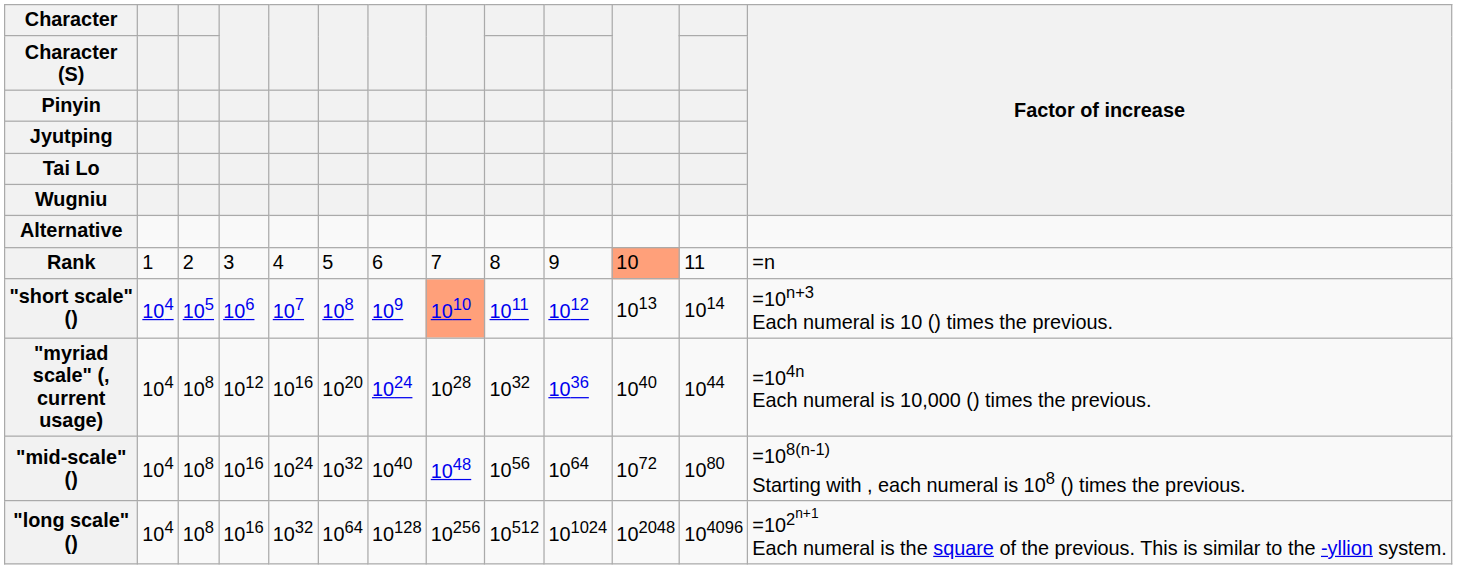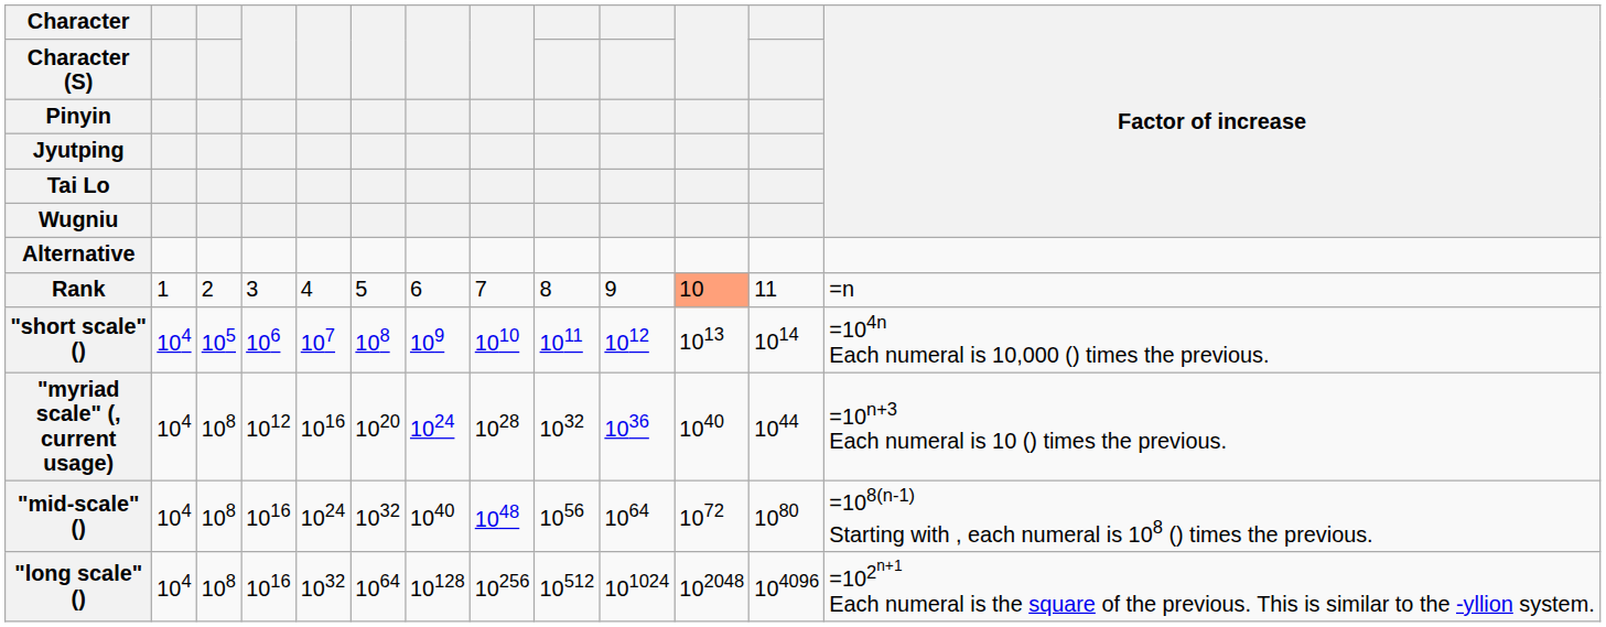 <table class="wikitable">
 <tr>
 <th width="100">Character</th>
 <th></th>
 <th></th>
 <th rowspan="2"></th>
 <th rowspan="2"></th>
 <th rowspan="2"></th>
 <th rowspan="2"></th>
 <th rowspan="2"></th>
 <th></th>
 <th></th>
 <th rowspan="2"></th>
 <th></th>
 <th rowspan="6" style="text-align:center">Factor of increase</th>
 </tr>
 <tr>
 <th>Character (S)</th>
 <th></th>
 <th></th>
 <th></th>
 <th></th>
 <th></th>
 </tr>
 <tr>
 <th>Pinyin</th>
 <th></th>
 <th></th>
 <th></th>
 <th></th>
 <th></th>
 <th></th>
 <th></th>
 <th></th>
 <th></th>
 <th></th>
 <th></th>
 </tr>
 <tr>
 <th>Jyutping</th>
 <th></th>
 <th></th>
 <th></th>
 <th></th>
 <th></th>
 <th></th>
 <th></th>
 <th></th>
 <th></th>
 <th></th>
 <th></th>
 </tr>
 <tr>
 <th>Tai Lo</th>
 <th></th>
 <th></th>
 <th></th>
 <th></th>
 <th></th>
 <th></th>
 <th></th>
 <th></th>
 <th></th>
 <th></th>
 <th></th>
 </tr>
 <tr>
 <th>Wugniu</th>
 <th></th>
 <th></th>
 <th></th>
 <th></th>
 <th></th>
 <th></th>
 <th></th>
 <th></th>
 <th></th>
 <th></th>
 <th></th>
 </tr>
 <tr>
 <th>Alternative</th>
 <td></td>
 <td></td>
 <td></td>
 <td></td>
 <td></td>
 <td></td>
 <td></td>
 <td></td>
 <td></td>
 <td></td>
 <td></td>
 <td></td>
 </tr>
 <tr>
 <th>Rank</th>
 <td>1</td>
 <td>2</td>
 <td>3</td>
 <td>4</td>
 <td>5</td>
 <td>6</td>
 <td>7</td>
 <td>8</td>
 <td>9</td>
 <td style="background: lightsalmon;">10</td>
 <td>11</td>
 <td>=n</td>
 </tr>
 <tr>
 <th>"short scale" ()</th>
 <td><a href='#'>10<sup>4</sup></a></td>
 <td><a href='#'>10<sup>5</sup></a></td>
 <td><a href='#'>10<sup>6</sup></a></td>
 <td><a href='#'>10<sup>7</sup></a></td>
 <td><a href='#'>10<sup>8</sup></a></td>
 <td><a href='#'>10<sup>9</sup></a></td>
-<td style="background: lightsalmon;"><a href='#'>10<sup>10</sup></a></td>
+<td><a href='#'>10<sup>10</sup></a></td>
 <td><a href='#'>10<sup>11</sup></a></td>
 <td><a href='#'>10<sup>12</sup></a></td>
 <td>10<sup>13</sup></td>
 <td>10<sup>14</sup></td>
-<td>=10<sup>n+3</sup><br>Each numeral is 10 () times the previous.</td>
+<td>=10<sup>4n</sup><br>Each numeral is 10,000 () times the previous.</td>
 </tr>
 <tr>
 <th>"myriad scale" (, current usage)</th>
 <td>10<sup>4</sup></td>
 <td>10<sup>8</sup></td>
 <td>10<sup>12</sup></td>
 <td>10<sup>16</sup></td>
 <td>10<sup>20</sup></td>
 <td><a href='#'>10<sup>24</sup></a></td>
 <td>10<sup>28</sup></td>
 <td>10<sup>32</sup></td>
 <td><a href='#'>10<sup>36</sup></a></td>
 <td>10<sup>40</sup></td>
 <td>10<sup>44</sup></td>
-<td>=10<sup>4n</sup><br>Each numeral is 10,000 () times the previous.</td>
+<td>=10<sup>n+3</sup><br>Each numeral is 10 () times the previous.</td>
 </tr>
 <tr>
 <th>"mid-scale" ()</th>
 <td>10<sup>4</sup></td>
 <td>10<sup>8</sup></td>
 <td>10<sup>16</sup></td>
 <td>10<sup>24</sup></td>
 <td>10<sup>32</sup></td>
 <td>10<sup>40</sup></td>
 <td><a href='#'>10<sup>48</sup></a></td>
 <td>10<sup>56</sup></td>
 <td>10<sup>64</sup></td>
 <td>10<sup>72</sup></td>
 <td>10<sup>80</sup></td>
 <td>=10<sup>8(n-1)</sup><br>Starting with , each numeral is 10<sup>8</sup> () times the previous.</td>
 </tr>
 <tr>
 <th>"long scale" ()</th>
 <td>10<sup>4</sup></td>
 <td>10<sup>8</sup></td>
 <td>10<sup>16</sup></td>
 <td>10<sup>32</sup></td>
 <td>10<sup>64</sup></td>
 <td>10<sup>128</sup></td>
 <td>10<sup>256</sup></td>
 <td>10<sup>512</sup></td>
 <td>10<sup>1024</sup></td>
 <td>10<sup>2048</sup></td>
 <td>10<sup>4096</sup></td>
 <td>=10<sup>2<sup>n+1</sup></sup><br>Each numeral is the <a href='#'>square</a> of the previous. This is similar to the <a href='#'>-yllion</a> system.</td>
 </tr>
 </table>
